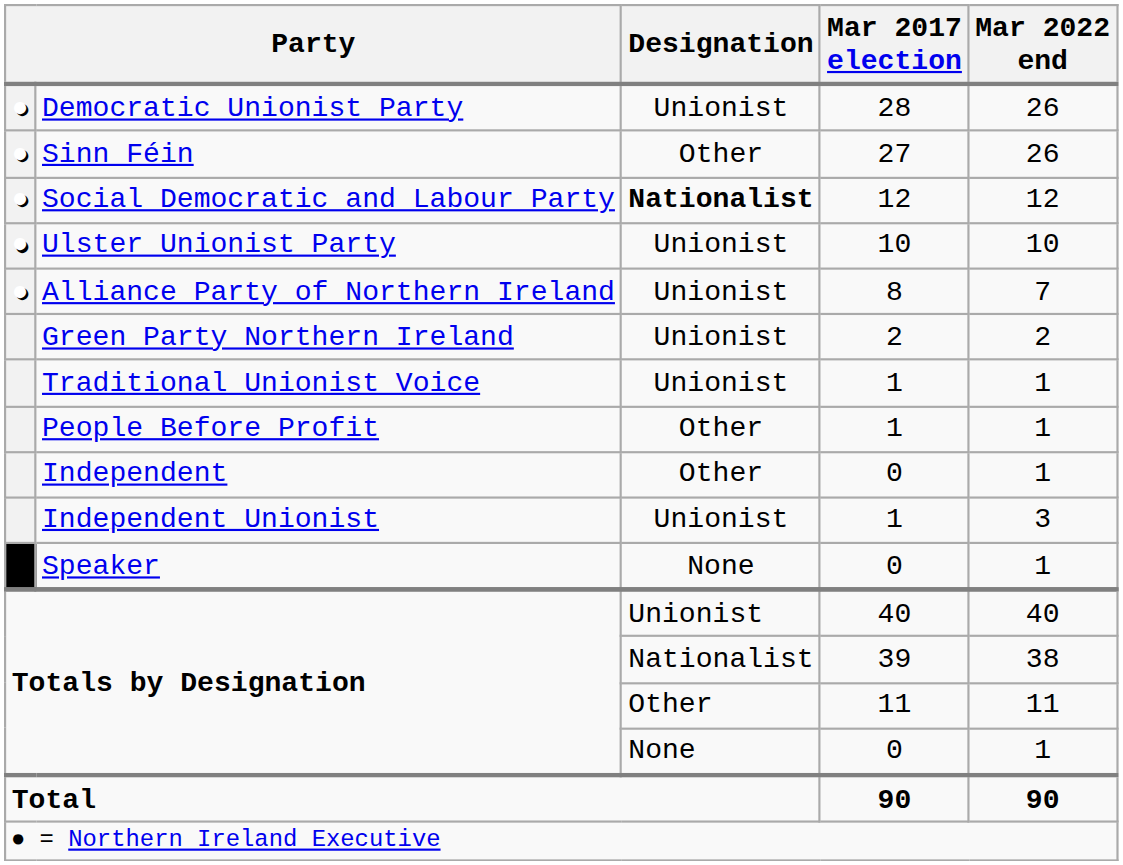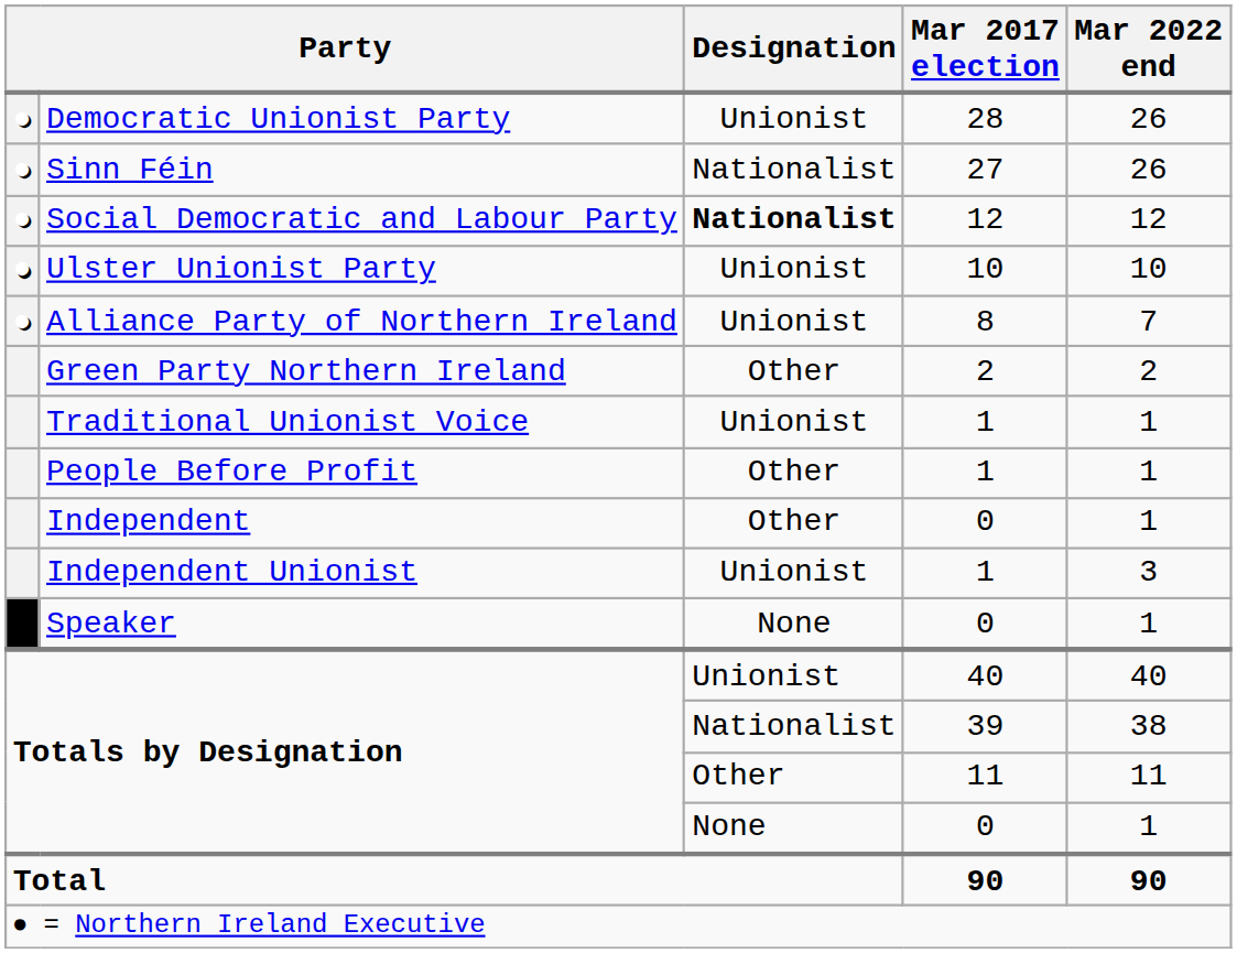 <table class="wikitable">
 <tr style="border-bottom: 2px solid gray;">
 <th colspan="2">Party</th>
 <th>Designation</th>
 <th>Mar 2017<br><a href='#'>election</a></th>
 <th>Mar 2022<br>end</th>
 </tr>
 <tr>
 <th style="color: white; text-shadow: 1px 1px 0 black; background-color: ">●</th>
 <td><a href='#'>Democratic Unionist Party</a></td>
 <td style="text-align:center;">Unionist</td>
 <td style="text-align:center;">28</td>
 <td style="text-align:center;">26</td>
 </tr>
 <tr>
 <th style="color: white; text-shadow: 1px 1px 0 black; background-color: ">●</th>
 <td><a href='#'>Sinn Féin</a></td>
-<td style="text-align:center;">Other</td>
+<td style="text-align:center;">Nationalist</td>
 <td style="text-align:center;">27</td>
 <td style="text-align:center;">26</td>
 </tr>
 <tr>
 <th style="color: white; text-shadow: 1px 1px 0 black; background-color: ">●</th>
 <td><a href='#'>Social Democratic and Labour Party</a></td>
 <td style="text-align:center;"><strong>Nationalist</strong></td>
 <td style="text-align:center;">12</td>
 <td style="text-align:center;">12</td>
 </tr>
 <tr>
 <th style="color: white; text-shadow: 1px 1px 0 black; background-color: ">●</th>
 <td><a href='#'>Ulster Unionist Party</a></td>
 <td style="text-align:center;">Unionist</td>
 <td style="text-align:center;">10</td>
 <td style="text-align:center;">10</td>
 </tr>
 <tr>
 <th style="color: white; text-shadow: 1px 1px 0 black; background-color: ">●</th>
 <td><a href='#'>Alliance Party of Northern Ireland</a></td>
 <td style="text-align:center;">Unionist</td>
 <td style="text-align:center;">8</td>
 <td style="text-align:center;">7</td>
 </tr>
 <tr>
 <th style="color: white; text-shadow: 1px 1px 0 black; background-color: "></th>
 <td><a href='#'>Green Party Northern Ireland</a></td>
-<td style="text-align:center;">Unionist</td>
+<td style="text-align:center;">Other</td>
 <td style="text-align:center;">2</td>
 <td style="text-align:center;">2</td>
 </tr>
 <tr>
 <th style="color: white; text-shadow: 1px 1px 0 black; background-color: "></th>
 <td><a href='#'>Traditional Unionist Voice</a></td>
 <td style="text-align:center;">Unionist</td>
 <td style="text-align:center;">1</td>
 <td style="text-align:center;">1</td>
 </tr>
 <tr>
 <th style="color: white; text-shadow: 1px 1px 0 black; background-color: "></th>
 <td><a href='#'>People Before Profit</a></td>
 <td style="text-align:center;">Other</td>
 <td style="text-align:center;">1</td>
 <td style="text-align:center;">1</td>
 </tr>
 <tr>
 <th style="color: white; text-shadow: 1px 1px 0 black; background-color: "></th>
 <td><a href='#'>Independent</a></td>
 <td style="text-align:center;">Other</td>
 <td style="text-align:center;">0</td>
 <td style="text-align:center;">1</td>
 </tr>
 <tr>
 <th style="color: white; text-shadow: 1px 1px 0 black; background-color: "></th>
 <td><a href='#'>Independent Unionist</a></td>
 <td style="text-align:center;">Unionist</td>
 <td style="text-align:center;">1</td>
 <td style="text-align:center;">3</td>
 </tr>
 <tr style="border-bottom: 2px solid gray;">
 <th style="background-color: black"></th>
 <td><a href='#'>Speaker</a></td>
 <td align="center">None</td>
 <td align="center">0</td>
 <td align="center">1</td>
 </tr>
 <tr>
 </tr>
 <tr style="border-top: 2px solid gray;">
 <td colspan="2" rowspan="4"><strong>Totals by Designation</strong></td>
 <td>Unionist</td>
 <td style="text-align:center;">40</td>
 <td style="text-align:center;">40</td>
 </tr>
 <tr>
 <td>Nationalist</td>
 <td style="text-align:center;">39</td>
 <td style="text-align:center;">38</td>
 </tr>
 <tr>
 <td>Other</td>
 <td style="text-align:center;">11</td>
 <td style="text-align:center;">11</td>
 </tr>
 <tr>
 <td>None</td>
 <td style="text-align:center;">0</td>
 <td style="text-align:center;">1</td>
 </tr>
 <tr style="border-top: 2px solid gray;">
 <td colspan="3"><strong>Total</strong></td>
 <td style="text-align:center;"><strong>90</strong></td>
 <td style="text-align:center;"><strong>90</strong></td>
 </tr>
 <tr>
 <td colspan="5" style="font-size:85%">● = <a href='#'>Northern Ireland Executive</a></td>
 </tr>
 </table>
